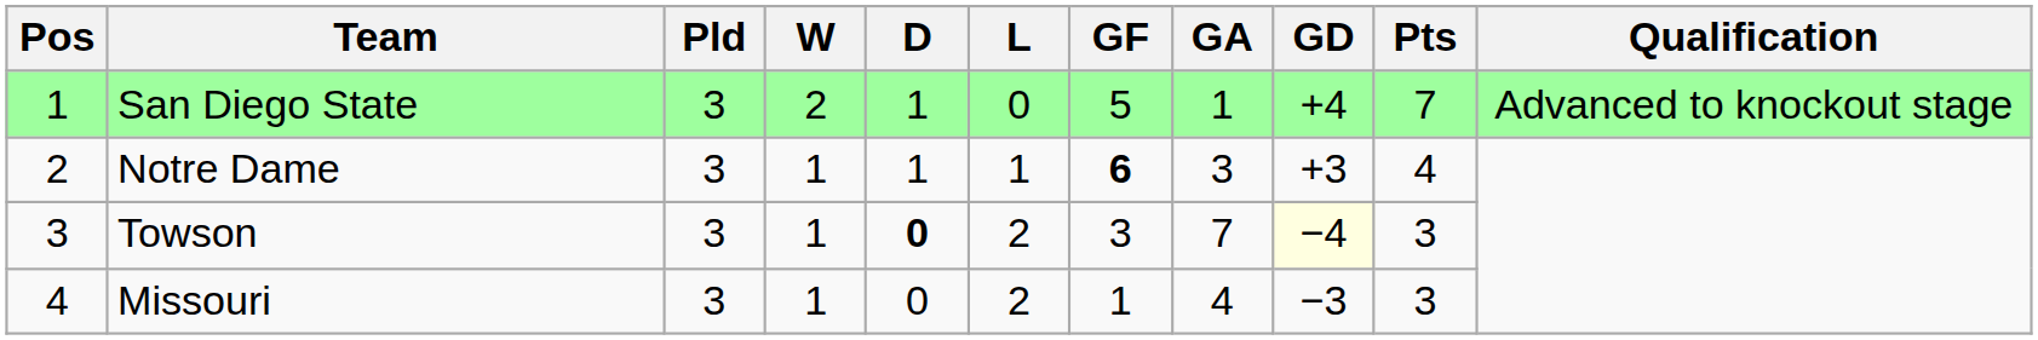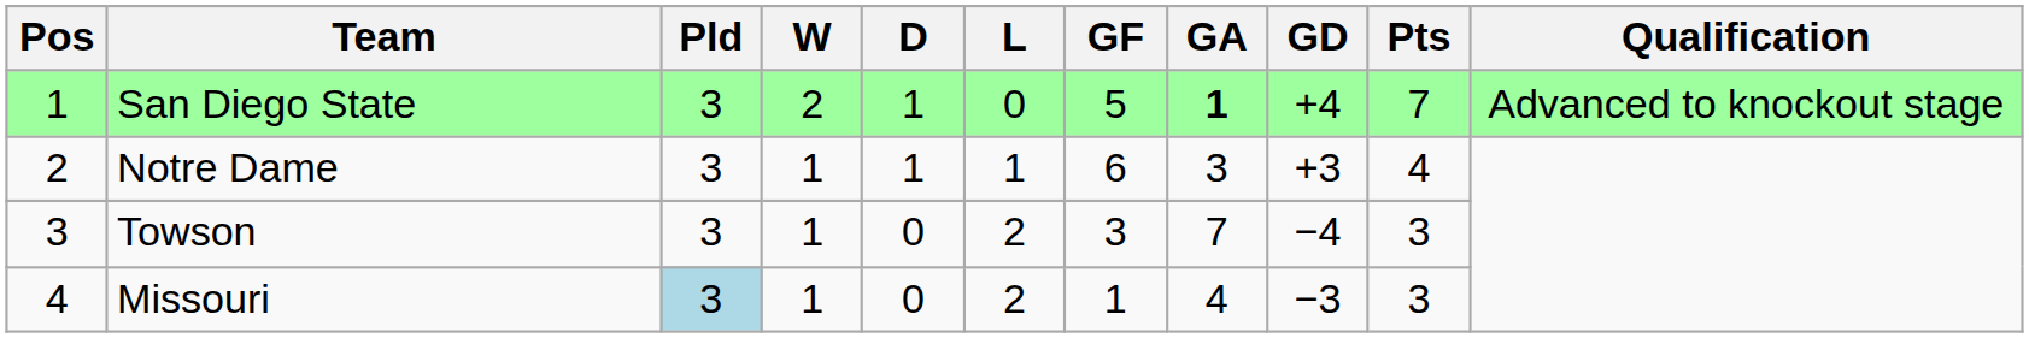 <table class="wikitable" style="text-align:center; margin: 1em auto">
 <tr>
 <th style="width:2em">Pos</th>
 <th style="width:13em">Team</th>
 <th style="width:2em">Pld</th>
 <th style="width:2em">W</th>
 <th style="width:2em">D</th>
 <th style="width:2em">L</th>
 <th style="width:2em">GF</th>
 <th style="width:2em">GA</th>
 <th style="width:2em">GD</th>
 <th style="width:2em">Pts</th>
 <th style="width:13em">Qualification</th>
 </tr>
 <tr bgcolor="#9eff9e">
 <td>1</td>
 <td style="text-align:left">San Diego State</td>
 <td>3</td>
 <td>2</td>
 <td>1</td>
 <td>0</td>
 <td>5</td>
-<td>1</td>
+<td><strong>1</strong></td>
 <td>+4</td>
 <td>7</td>
 <td>Advanced to knockout stage</td>
 </tr>
 <tr>
 <td>2</td>
 <td style="text-align:left">Notre Dame</td>
 <td>3</td>
 <td>1</td>
 <td>1</td>
 <td>1</td>
-<td><strong>6</strong></td>
+<td>6</td>
 <td>3</td>
 <td>+3</td>
 <td>4</td>
 </tr>
 <tr>
 <td>3</td>
 <td style="text-align:left">Towson</td>
 <td>3</td>
 <td>1</td>
-<td><strong>0</strong></td>
+<td>0</td>
 <td>2</td>
 <td>3</td>
 <td>7</td>
-<td style="background: lightyellow;">−4</td>
+<td>−4</td>
 <td>3</td>
 </tr>
 <tr>
 <td>4</td>
 <td style="text-align:left">Missouri</td>
-<td>3</td>
+<td style="background: lightblue;">3</td>
 <td>1</td>
 <td>0</td>
 <td>2</td>
 <td>1</td>
 <td>4</td>
 <td>−3</td>
 <td>3</td>
 </tr>
 </table>
